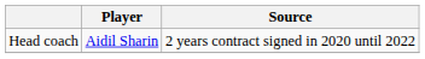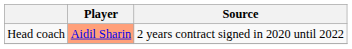 <table class="wikitable plainrowheaders sortable">
 <tr>
 <th></th>
 <th scope=col>Player</th>
 <th scope=col>Source</th>
 </tr>
 <tr>
 <td>Head coach</td>
-<td> <a href='#'>Aidil Sharin</a></td>
+<td style="background: lightsalmon;"> <a href='#'>Aidil Sharin</a></td>
 <td>2 years contract signed in 2020 until 2022</td>
 </tr>
 <tr>
 </tr>
 </table>
